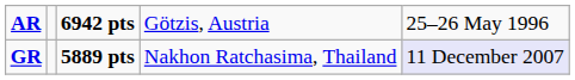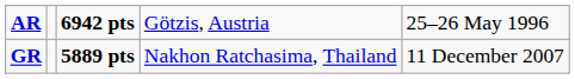 <table class="wikitable" style="font-size:95%; position:relative;">
 <tr>
 <td align=center><strong><a href='#'>AR</a></strong></td>
 <td></td>
 <td><strong>6942 pts</strong></td>
 <td><a href='#'>Götzis</a>, <a href='#'>Austria</a></td>
 <td>25–26 May 1996</td>
 </tr>
 <tr>
 <td align=center><strong><a href='#'>GR</a></strong></td>
 <td></td>
 <td><strong>5889 pts</strong></td>
 <td><a href='#'>Nakhon Ratchasima</a>, <a href='#'>Thailand</a></td>
-<td style="background: lavender;">11 December 2007</td>
+<td>11 December 2007</td>
 </tr>
 </table>
